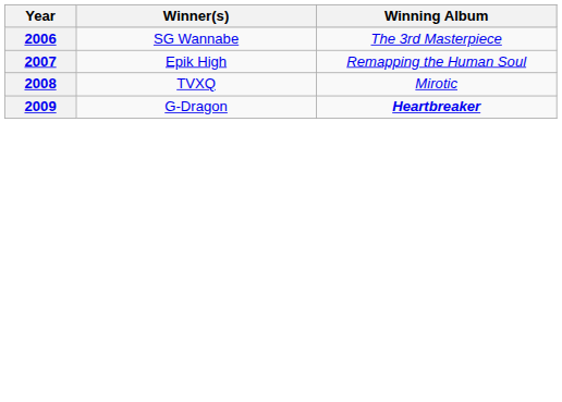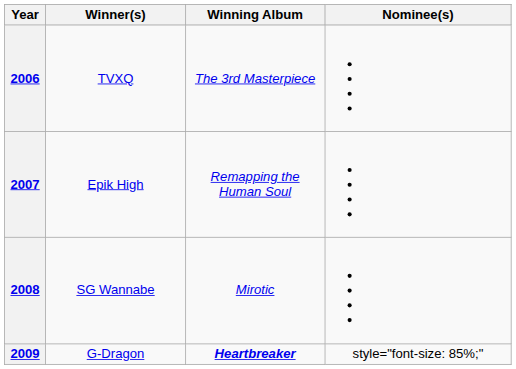 <table class="wikitable sortable" rowspan="2" style="text-align:center; width:70%;">
 <tr style="background:#bebebe;">
 <th scope="col" style="width:8%;">Year</th>
 <th scope="col" style="width:27%;">Winner(s)</th>
 <th scope="col" style="width:27%;">Winning Album</th>
+<th scope="col" class="unsortable" style="width:36%;">Nominee(s)</th>
 </tr>
 <tr>
 <th scope="row" style="text-align:center"><a href='#'>2006</a></th>
-<td><a href='#'>SG Wannabe</a></td>
+<td><a href='#'>TVXQ</a></td>
 <td><em><a href='#'>The 3rd Masterpiece</a></em></td>
+<td><br><ul><li></li><li></li><li></li><li></li></ul></td>
 </tr>
 <tr>
 <th scope="row" style="text-align:center"><a href='#'>2007</a></th>
 <td><a href='#'>Epik High</a></td>
 <td><em><a href='#'>Remapping the Human Soul</a></em></td>
+<td><br><ul><li></li><li></li><li></li><li></li></ul></td>
 </tr>
 <tr>
 <th scope="row" style="text-align:center"><a href='#'>2008</a></th>
-<td><a href='#'>TVXQ</a></td>
+<td><a href='#'>SG Wannabe</a></td>
 <td><em><a href='#'>Mirotic</a></em></td>
+<td><br><ul><li></li><li></li><li></li><li></li></ul></td>
 </tr>
 <tr>
 <th scope="row" style="text-align:center"><a href='#'>2009</a></th>
 <td><a href='#'>G-Dragon</a></td>
 <td><strong><em><a href='#'>Heartbreaker</a></em></strong></td>
+<td>style="font-size: 85%;" </td>
 </tr>
 </table>
